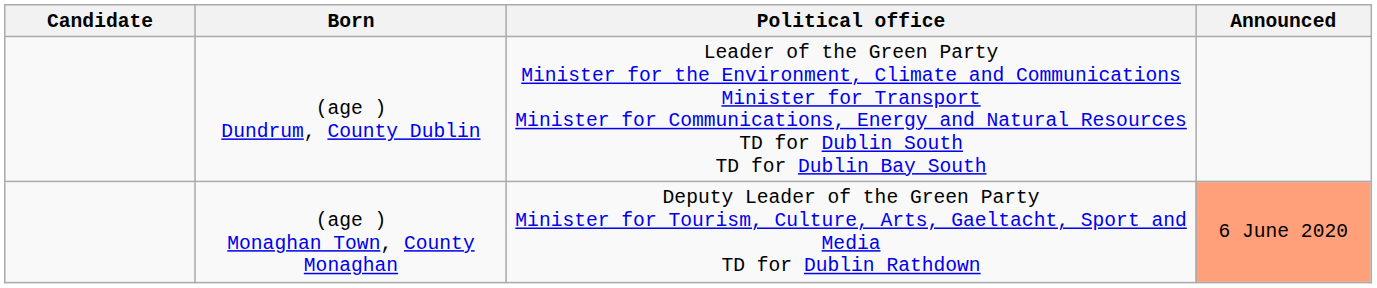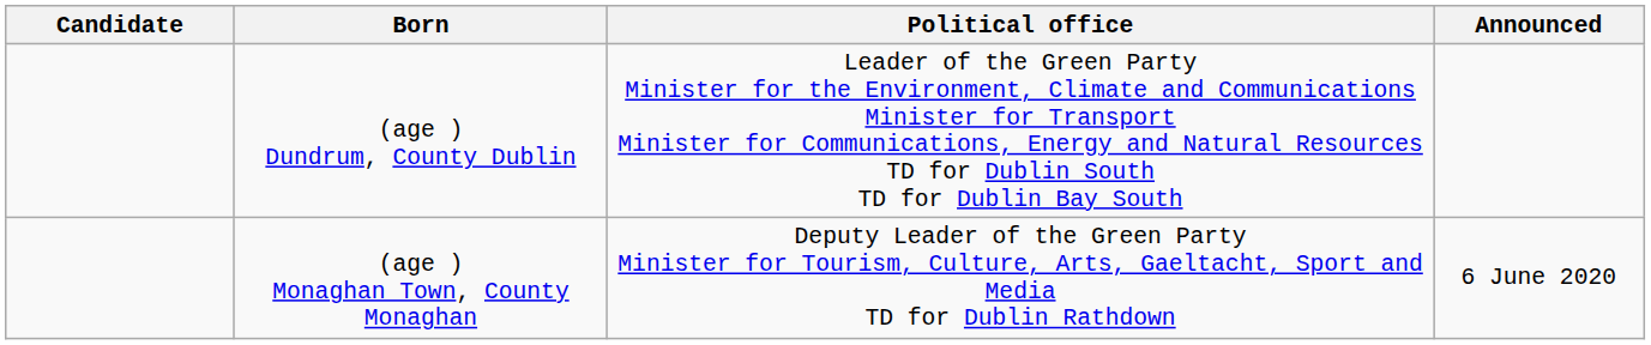 <table class="wikitable sortable" style="text-align:center">
 <tr>
 <th scope="col" style="width: 120px;">Candidate</th>
 <th scope="col" style="width: 200px;">Born</th>
 <th scope="col" style="width: 450px;">Political office</th>
 <th scope="col" style="width: 110px;">Announced</th>
 </tr>
 <tr>
 <td><br></td>
 <td><br>(age )<br><a href='#'>Dundrum</a>, <a href='#'>County Dublin</a></td>
 <td>Leader of the Green Party <br><a href='#'>Minister for the Environment, Climate and Communications</a> <br><a href='#'>Minister for Transport</a> <br><a href='#'>Minister for Communications, Energy and Natural Resources</a> <br>TD for <a href='#'>Dublin South</a> <br>TD for <a href='#'>Dublin Bay South</a> <br></td>
 </tr>
 <tr>
 <td><br></td>
 <td><br>(age )<br> <a href='#'>Monaghan Town</a>, <a href='#'>County Monaghan</a></td>
 <td>Deputy Leader of the Green Party <br><a href='#'>Minister for Tourism, Culture, Arts, Gaeltacht, Sport and Media</a> <br>TD for <a href='#'>Dublin Rathdown</a> <br></td>
-<td style="background: lightsalmon;">6 June 2020</td>
+<td>6 June 2020</td>
 </tr>
 </table>
